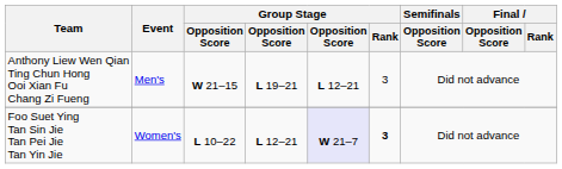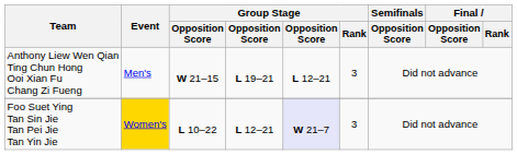 <table class="wikitable" style="font-size:90%">
 <tr>
 <th rowspan=2>Team</th>
 <th rowspan=2>Event</th>
 <th colspan=4>Group Stage</th>
 <th>Semifinals</th>
 <th colspan=2>Final / </th>
 </tr>
 <tr style="font-size:95%">
 <th>Opposition<br>Score</th>
 <th>Opposition<br>Score</th>
 <th>Opposition<br>Score</th>
 <th>Rank</th>
 <th>Opposition<br>Score</th>
 <th>Opposition<br>Score</th>
 <th>Rank</th>
 </tr>
 <tr align=center>
 <td align=left>Anthony Liew Wen Qian<br>Ting Chun Hong<br>Ooi Xian Fu<br>Chang Zi Fueng</td>
 <td align=left><a href='#'>Men's</a></td>
 <td><br><strong>W</strong> 21–15</td>
 <td><br><strong>L</strong> 19–21</td>
 <td><br><strong>L</strong> 12–21</td>
 <td>3</td>
 <td colspan=3>Did not advance</td>
 </tr>
 <tr>
 </tr>
 <tr align=center>
 <td align=left>Foo Suet Ying<br>Tan Sin Jie<br>Tan Pei Jie<br>Tan Yin Jie</td>
-<td align=left><a href='#'>Women's</a></td>
+<td align=left style="background: gold;"><a href='#'>Women's</a></td>
 <td><br><strong>L</strong> 10–22</td>
 <td><br><strong>L</strong> 12–21</td>
 <td style="background: lavender;"><br><strong>W</strong> 21–7</td>
-<td><strong>3</strong></td>
+<td>3</td>
 <td colspan=3>Did not advance</td>
 </tr>
 </table>
